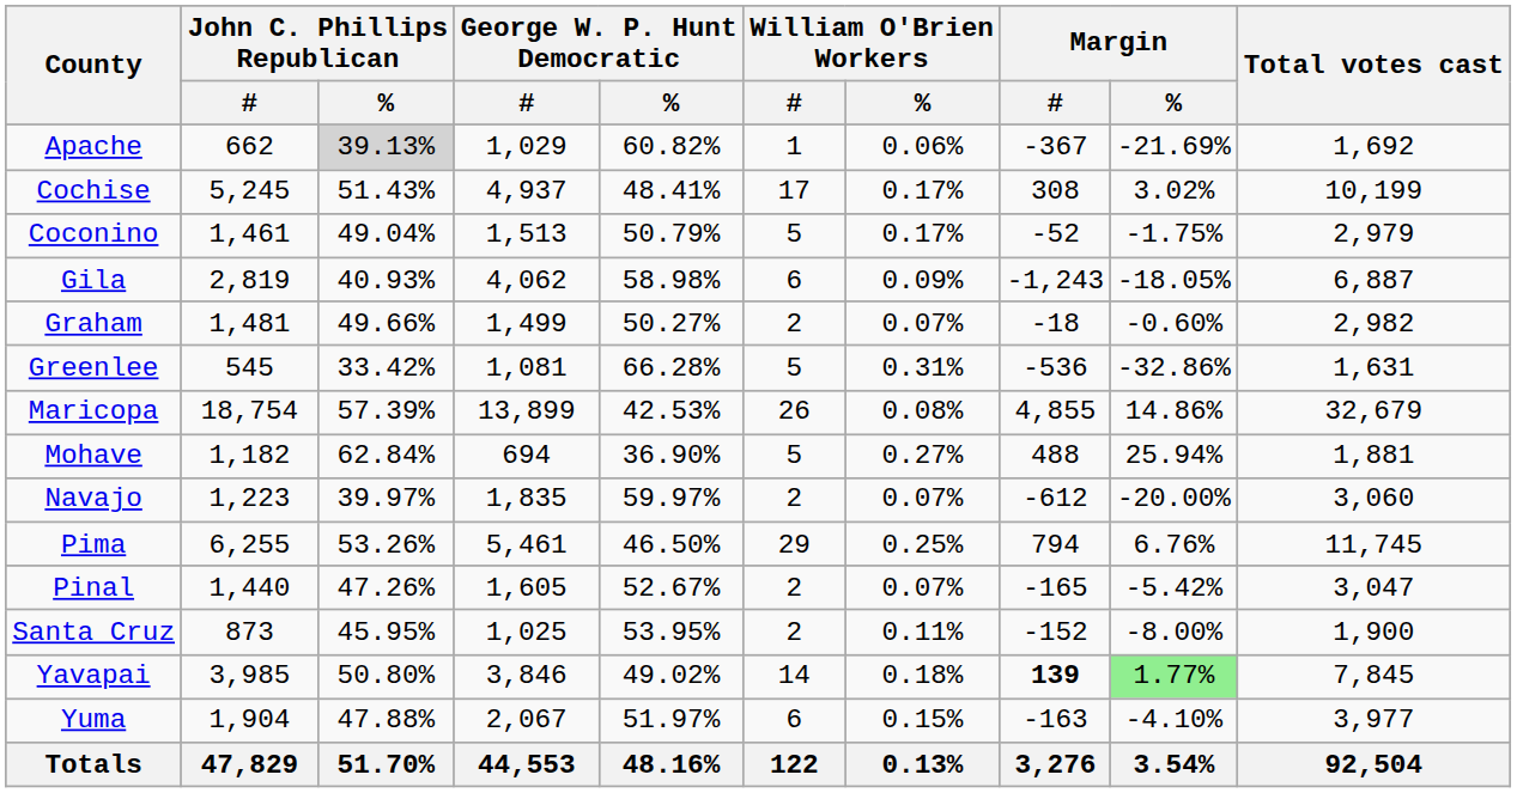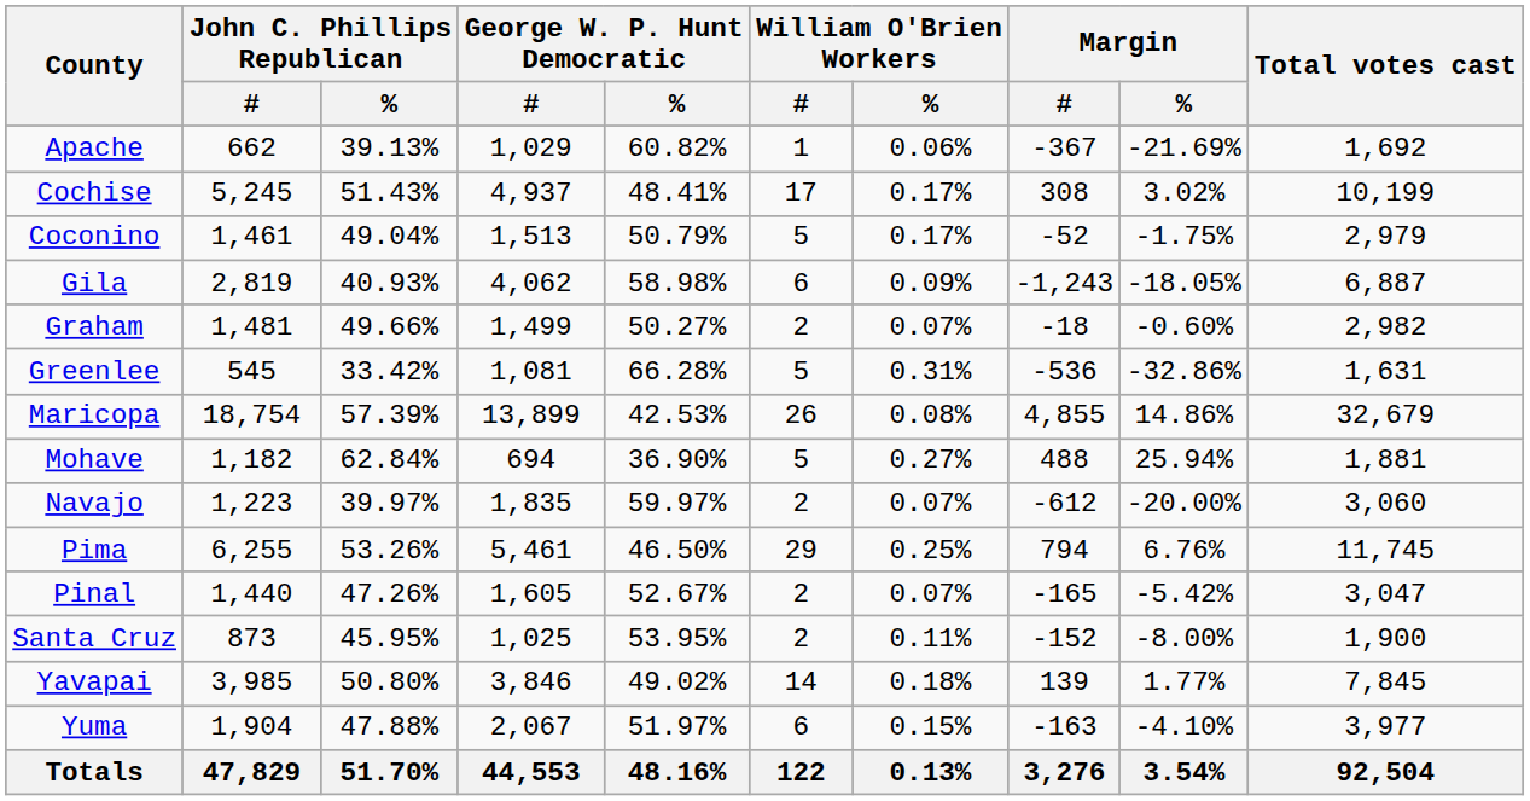 <table class="wikitable sortable" style="text-align:center">
 <tr>
 <th rowspan="2">County</th>
 <th style="text-align:center;" colspan="2">John C. Phillips<br>Republican</th>
 <th style="text-align:center;" colspan="2">George W. P. Hunt<br>Democratic</th>
 <th style="text-align:center;" colspan="2">William O'Brien<br>Workers</th>
 <th style="text-align:center;" colspan="2">Margin</th>
 <th style="text-align:center;" rowspan="2">Total votes cast</th>
 </tr>
 <tr>
 <th style="text-align:center;" data-sort-type="number">#</th>
 <th style="text-align:center;" data-sort-type="number">%</th>
 <th style="text-align:center;" data-sort-type="number">#</th>
 <th style="text-align:center;" data-sort-type="number">%</th>
 <th style="text-align:center;" data-sort-type="number">#</th>
 <th style="text-align:center;" data-sort-type="number">%</th>
 <th style="text-align:center;" data-sort-type="number">#</th>
 <th style="text-align:center;" data-sort-type="number">%</th>
 </tr>
 <tr style="text-align:center;">
 <td><a href='#'>Apache</a></td>
 <td>662</td>
-<td style="background: lightgrey;">39.13%</td>
+<td>39.13%</td>
 <td>1,029</td>
 <td>60.82%</td>
 <td>1</td>
 <td>0.06%</td>
 <td>-367</td>
 <td>-21.69%</td>
 <td>1,692</td>
 </tr>
 <tr style="text-align:center;">
 <td><a href='#'>Cochise</a></td>
 <td>5,245</td>
 <td>51.43%</td>
 <td>4,937</td>
 <td>48.41%</td>
 <td>17</td>
 <td>0.17%</td>
 <td>308</td>
 <td>3.02%</td>
 <td>10,199</td>
 </tr>
 <tr style="text-align:center;">
 <td><a href='#'>Coconino</a></td>
 <td>1,461</td>
 <td>49.04%</td>
 <td>1,513</td>
 <td>50.79%</td>
 <td>5</td>
 <td>0.17%</td>
 <td>-52</td>
 <td>-1.75%</td>
 <td>2,979</td>
 </tr>
 <tr style="text-align:center;">
 <td><a href='#'>Gila</a></td>
 <td>2,819</td>
 <td>40.93%</td>
 <td>4,062</td>
 <td>58.98%</td>
 <td>6</td>
 <td>0.09%</td>
 <td>-1,243</td>
 <td>-18.05%</td>
 <td>6,887</td>
 </tr>
 <tr style="text-align:center;">
 <td><a href='#'>Graham</a></td>
 <td>1,481</td>
 <td>49.66%</td>
 <td>1,499</td>
 <td>50.27%</td>
 <td>2</td>
 <td>0.07%</td>
 <td>-18</td>
 <td>-0.60%</td>
 <td>2,982</td>
 </tr>
 <tr style="text-align:center;">
 <td><a href='#'>Greenlee</a></td>
 <td>545</td>
 <td>33.42%</td>
 <td>1,081</td>
 <td>66.28%</td>
 <td>5</td>
 <td>0.31%</td>
 <td>-536</td>
 <td>-32.86%</td>
 <td>1,631</td>
 </tr>
 <tr style="text-align:center;">
 <td><a href='#'>Maricopa</a></td>
 <td>18,754</td>
 <td>57.39%</td>
 <td>13,899</td>
 <td>42.53%</td>
 <td>26</td>
 <td>0.08%</td>
 <td>4,855</td>
 <td>14.86%</td>
 <td>32,679</td>
 </tr>
 <tr style="text-align:center;">
 <td><a href='#'>Mohave</a></td>
 <td>1,182</td>
 <td>62.84%</td>
 <td>694</td>
 <td>36.90%</td>
 <td>5</td>
 <td>0.27%</td>
 <td>488</td>
 <td>25.94%</td>
 <td>1,881</td>
 </tr>
 <tr style="text-align:center;">
 <td><a href='#'>Navajo</a></td>
 <td>1,223</td>
 <td>39.97%</td>
 <td>1,835</td>
 <td>59.97%</td>
 <td>2</td>
 <td>0.07%</td>
 <td>-612</td>
 <td>-20.00%</td>
 <td>3,060</td>
 </tr>
 <tr style="text-align:center;">
 <td><a href='#'>Pima</a></td>
 <td>6,255</td>
 <td>53.26%</td>
 <td>5,461</td>
 <td>46.50%</td>
 <td>29</td>
 <td>0.25%</td>
 <td>794</td>
 <td>6.76%</td>
 <td>11,745</td>
 </tr>
 <tr style="text-align:center;">
 <td><a href='#'>Pinal</a></td>
 <td>1,440</td>
 <td>47.26%</td>
 <td>1,605</td>
 <td>52.67%</td>
 <td>2</td>
 <td>0.07%</td>
 <td>-165</td>
 <td>-5.42%</td>
 <td>3,047</td>
 </tr>
 <tr style="text-align:center;">
 <td><a href='#'>Santa Cruz</a></td>
 <td>873</td>
 <td>45.95%</td>
 <td>1,025</td>
 <td>53.95%</td>
 <td>2</td>
 <td>0.11%</td>
 <td>-152</td>
 <td>-8.00%</td>
 <td>1,900</td>
 </tr>
 <tr style="text-align:center;">
 <td><a href='#'>Yavapai</a></td>
 <td>3,985</td>
 <td>50.80%</td>
 <td>3,846</td>
 <td>49.02%</td>
 <td>14</td>
 <td>0.18%</td>
-<td><strong>139</strong></td>
-<td style="background: lightgreen;">1.77%</td>
+<td>139</td>
+<td>1.77%</td>
 <td>7,845</td>
 </tr>
 <tr style="text-align:center;">
 <td><a href='#'>Yuma</a></td>
 <td>1,904</td>
 <td>47.88%</td>
 <td>2,067</td>
 <td>51.97%</td>
 <td>6</td>
 <td>0.15%</td>
 <td>-163</td>
 <td>-4.10%</td>
 <td>3,977</td>
 </tr>
 <tr style="text-align:center;">
 <th>Totals</th>
 <th>47,829</th>
 <th>51.70%</th>
 <th>44,553</th>
 <th>48.16%</th>
 <th>122</th>
 <th>0.13%</th>
 <th>3,276</th>
 <th>3.54%</th>
 <th>92,504</th>
 </tr>
 </table>
